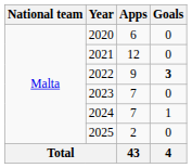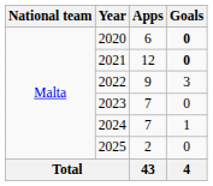 <table class=wikitable style="text-align: center;">
 <tr>
 <th>National team</th>
 <th>Year</th>
 <th>Apps</th>
 <th>Goals</th>
 </tr>
 <tr>
 <td rowspan="6"><a href='#'>Malta</a></td>
 <td>2020</td>
 <td>6</td>
-<td>0</td>
+<td><strong>0</strong></td>
 </tr>
 <tr>
 <td>2021</td>
 <td>12</td>
-<td>0</td>
+<td><strong>0</strong></td>
 </tr>
 <tr>
 <td>2022</td>
 <td>9</td>
-<td><strong>3</strong></td>
+<td>3</td>
 </tr>
 <tr>
 <td>2023</td>
 <td>7</td>
 <td>0</td>
 </tr>
 <tr>
 <td>2024</td>
 <td>7</td>
 <td>1</td>
 </tr>
 <tr>
 <td>2025</td>
 <td>2</td>
 <td>0</td>
 </tr>
 <tr>
 <th colspan="2">Total</th>
 <th>43</th>
 <th>4</th>
 </tr>
 </table>
